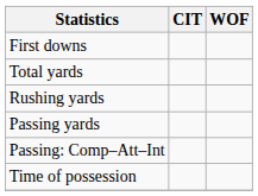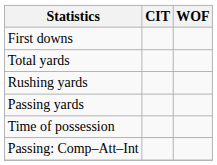 <table class="wikitable" style="float: left;">
 <tr>
 <th>Statistics</th>
 <th>CIT</th>
 <th>WOF</th>
 </tr>
 <tr>
 <td>First downs</td>
 <td></td>
 <td></td>
 </tr>
 <tr>
 <td>Total yards</td>
 <td></td>
 <td></td>
 </tr>
 <tr>
 <td>Rushing yards</td>
 <td></td>
 <td></td>
 </tr>
 <tr>
 <td>Passing yards</td>
 <td></td>
 <td></td>
 </tr>
 <tr>
-<td>Passing: Comp–Att–Int</td>
+<td>Time of possession</td>
 <td></td>
 <td></td>
 </tr>
 <tr>
-<td>Time of possession</td>
+<td>Passing: Comp–Att–Int</td>
 <td></td>
 <td></td>
 </tr>
 <tr>
 </tr>
 </table>
